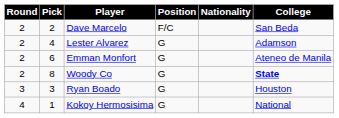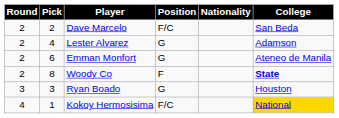 <table class="wikitable sortable sortable">
 <tr>
 <th style="background:#000000; color:#FFFFFF; ">Round</th>
 <th style="background:#000000; color:#FFFFFF; ">Pick</th>
 <th style="background:#000000; color:#FFFFFF; ">Player</th>
 <th style="background:#000000; color:#FFFFFF; ">Position</th>
 <th style="background:#000000; color:#FFFFFF; ">Nationality</th>
 <th style="background:#000000; color:#FFFFFF; ">College</th>
 </tr>
 <tr>
 <td align=center>2</td>
 <td align=center>2</td>
 <td><a href='#'>Dave Marcelo</a></td>
 <td>F/C</td>
 <td></td>
 <td><a href='#'>San Beda</a></td>
 </tr>
 <tr>
 <td align=center>2</td>
 <td align=center>4</td>
 <td><a href='#'>Lester Alvarez</a></td>
 <td>G</td>
 <td></td>
 <td><a href='#'>Adamson</a></td>
 </tr>
 <tr>
 <td align=center>2</td>
 <td align=center>6</td>
 <td><a href='#'>Emman Monfort</a></td>
 <td>G</td>
 <td></td>
 <td><a href='#'>Ateneo de Manila</a></td>
 </tr>
 <tr>
 <td align=center>2</td>
 <td align=center>8</td>
 <td><a href='#'>Woody Co</a></td>
-<td>G</td>
+<td>F</td>
 <td></td>
 <td><strong><a href='#'>State</a></strong></td>
 </tr>
 <tr>
 <td align=center>3</td>
 <td align=center>3</td>
 <td><a href='#'>Ryan Boado</a></td>
 <td>G</td>
 <td></td>
 <td><a href='#'>Houston</a></td>
 </tr>
 <tr>
 <td align=center>4</td>
 <td align=center>1</td>
 <td><a href='#'>Kokoy Hermosisima</a></td>
-<td>G</td>
+<td>F/C</td>
 <td></td>
-<td><a href='#'>National</a></td>
+<td style="background: gold;"><a href='#'>National</a></td>
 </tr>
 </table>
